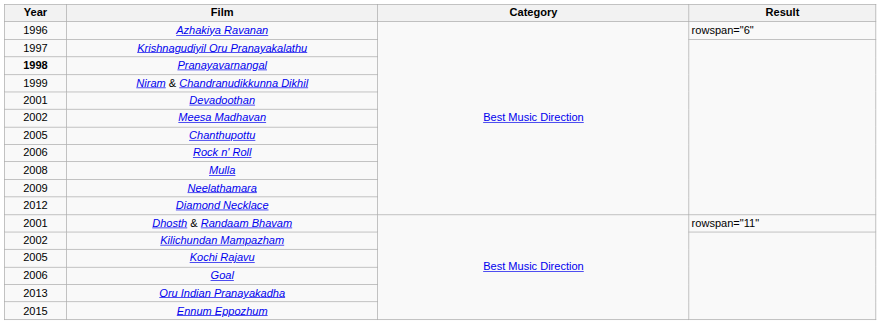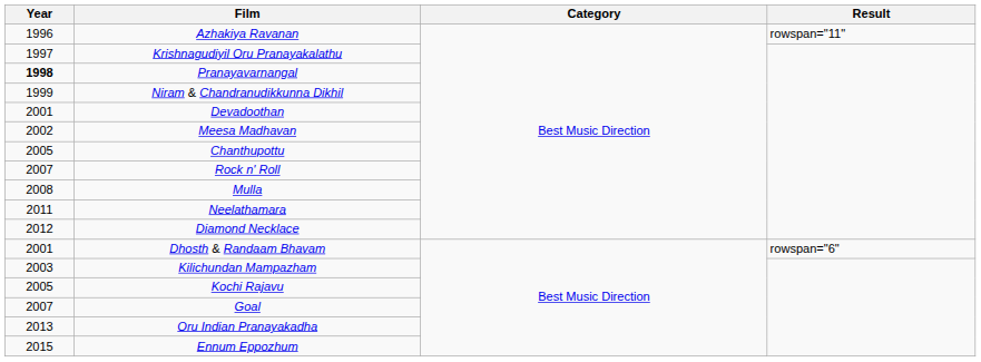 <table class="wikitable" style="width:100%;">
 <tr>
 <th width=5%>Year</th>
 <th style="width:25%;">Film</th>
 <th style="width:25%;">Category</th>
 <th style="width:15%;">Result</th>
 </tr>
 <tr>
 <td style="text-align:center;">1996</td>
 <td style="text-align:center;"><em><a href='#'>Azhakiya Ravanan</a></em></td>
 <td style="text-align:center;" rowspan="11"><a href='#'>Best Music Direction</a></td>
-<td>rowspan="6" </td>
+<td>rowspan="11" </td>
 </tr>
 <tr style="text-align:center;">
 <td>1997</td>
 <td><em><a href='#'>Krishnagudiyil Oru Pranayakalathu</a></em></td>
 </tr>
 <tr style="text-align:center;">
 <td><strong>1998</strong></td>
 <td><em><a href='#'>Pranayavarnangal</a></em></td>
 </tr>
 <tr style="text-align:center;">
 <td>1999</td>
 <td><em><a href='#'>Niram</a></em> & <em><a href='#'>Chandranudikkunna Dikhil</a></em></td>
 </tr>
 <tr style="text-align:center;">
 <td>2001</td>
 <td><em><a href='#'>Devadoothan</a></em></td>
 </tr>
 <tr style="text-align:center;">
 <td>2002</td>
 <td><em><a href='#'>Meesa Madhavan</a></em></td>
 </tr>
 <tr style="text-align:center;">
 <td>2005</td>
 <td><em><a href='#'>Chanthupottu</a></em></td>
 </tr>
 <tr>
-<td style="text-align:center;">2006</td>
+<td style="text-align:center;">2007</td>
 <td style="text-align:center;"><em><a href='#'>Rock n' Roll</a></em></td>
 </tr>
 <tr>
 <td style="text-align:center;">2008</td>
 <td style="text-align:center;"><em><a href='#'>Mulla</a></em></td>
 </tr>
 <tr>
-<td style="text-align:center;">2009</td>
+<td style="text-align:center;">2011</td>
 <td style="text-align:center;"><em><a href='#'>Neelathamara</a></em></td>
 </tr>
 <tr>
 <td style="text-align:center;">2012</td>
 <td style="text-align:center;"><em><a href='#'>Diamond Necklace</a></em></td>
 </tr>
 <tr>
 <td style="text-align:center;">2001</td>
 <td style="text-align:center;"><em><a href='#'>Dhosth</a></em> & <em><a href='#'>Randaam Bhavam</a></em></td>
 <td style="text-align:center;" rowspan="6"><a href='#'>Best Music Direction</a></td>
-<td>rowspan="11" </td>
+<td>rowspan="6" </td>
 </tr>
 <tr style="text-align:center;">
-<td>2002</td>
+<td>2003</td>
 <td><em><a href='#'>Kilichundan Mampazham</a></em></td>
 </tr>
 <tr style="text-align:center;">
 <td>2005</td>
 <td><em><a href='#'>Kochi Rajavu</a></em></td>
 </tr>
 <tr>
-<td style="text-align:center;">2006</td>
+<td style="text-align:center;">2007</td>
 <td style="text-align:center;"><em><a href='#'>Goal</a></em></td>
 </tr>
 <tr style="text-align:center;">
 <td>2013</td>
 <td><em><a href='#'>Oru Indian Pranayakadha</a></em></td>
 </tr>
 <tr style="text-align:center;">
 <td>2015</td>
 <td><em><a href='#'>Ennum Eppozhum</a></em></td>
 </tr>
 </table>
